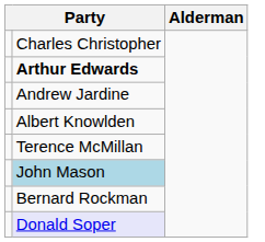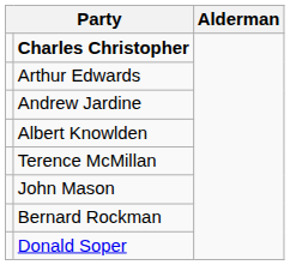 <table class="wikitable">
 <tr>
 <th colspan="2">Party</th>
 <th>Alderman</th>
 </tr>
 <tr>
 <td></td>
-<td>Charles Christopher</td>
+<td><strong>Charles Christopher</strong></td>
 </tr>
 <tr>
 <td></td>
-<td><strong>Arthur Edwards</strong></td>
+<td>Arthur Edwards</td>
 </tr>
 <tr>
 <td></td>
 <td>Andrew Jardine</td>
 </tr>
 <tr>
 <td></td>
 <td>Albert Knowlden</td>
 </tr>
 <tr>
 <td></td>
 <td>Terence McMillan</td>
 </tr>
 <tr>
 <td></td>
-<td style="background: lightblue;">John Mason</td>
+<td>John Mason</td>
 </tr>
 <tr>
 <td></td>
 <td>Bernard Rockman</td>
 </tr>
 <tr>
 <td></td>
-<td style="background: lavender;"><a href='#'>Donald Soper</a></td>
+<td><a href='#'>Donald Soper</a></td>
 </tr>
 </table>
